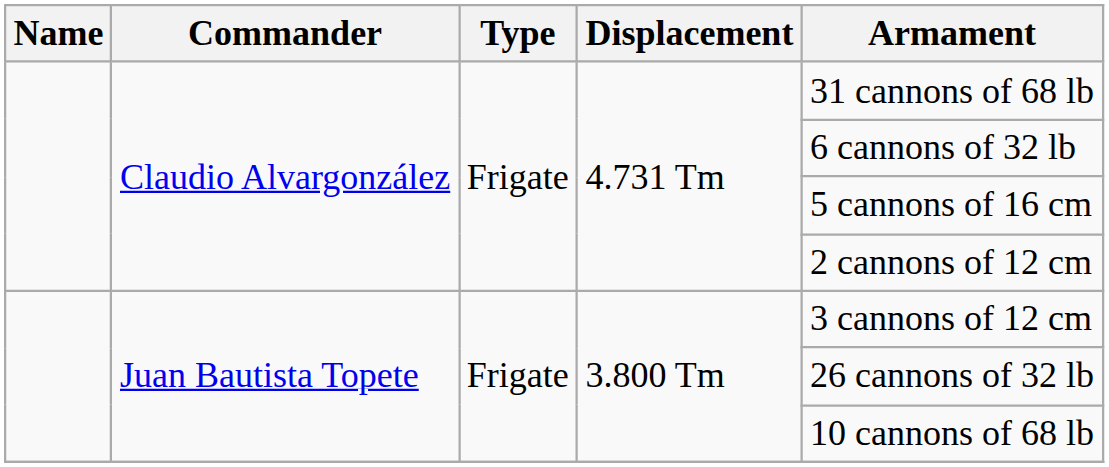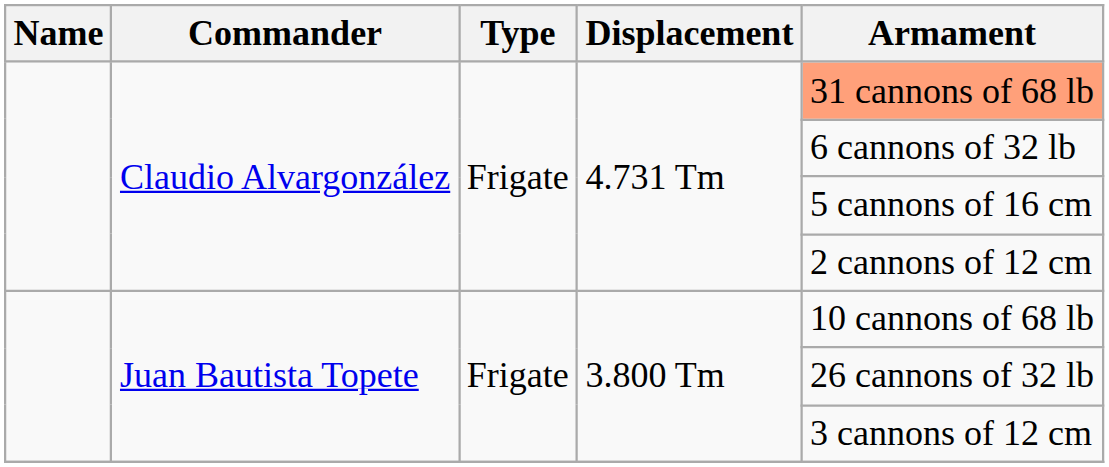 <table class="wikitable" border="1">
 <tr>
 <th scope=col>Name</th>
 <th scope=col>Commander</th>
 <th scope=col>Type</th>
 <th scope=col>Displacement</th>
 <th scope=col>Armament</th>
 </tr>
 <tr>
 <td rowspan="4"></td>
 <td rowspan="4"><a href='#'>Claudio Alvargonzález</a></td>
 <td rowspan="4">Frigate</td>
 <td rowspan="4">4.731 Tm</td>
-<td>31 cannons of 68 lb</td>
+<td style="background: lightsalmon;">31 cannons of 68 lb</td>
 </tr>
 <tr>
 <td>6 cannons of 32 lb</td>
 </tr>
 <tr>
 <td>5 cannons of 16 cm</td>
 </tr>
 <tr>
 <td>2 cannons of 12 cm</td>
 </tr>
 <tr>
 <td rowspan="3"></td>
 <td rowspan="3"><a href='#'>Juan Bautista Topete</a></td>
 <td rowspan="3">Frigate</td>
 <td rowspan="3">3.800 Tm</td>
-<td>3 cannons of 12 cm</td>
+<td>10 cannons of 68 lb</td>
 </tr>
 <tr>
 <td>26 cannons of 32 lb</td>
 </tr>
 <tr>
-<td>10 cannons of 68 lb</td>
+<td>3 cannons of 12 cm</td>
 </tr>
 <tr>
 </tr>
 </table>
